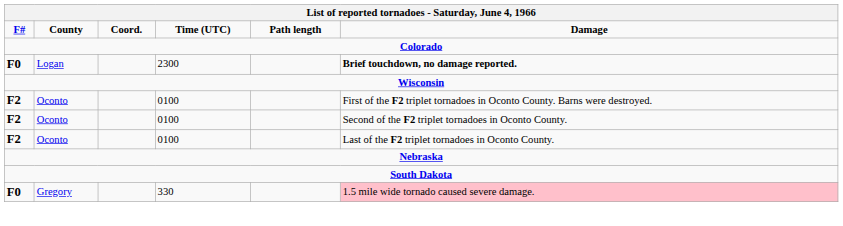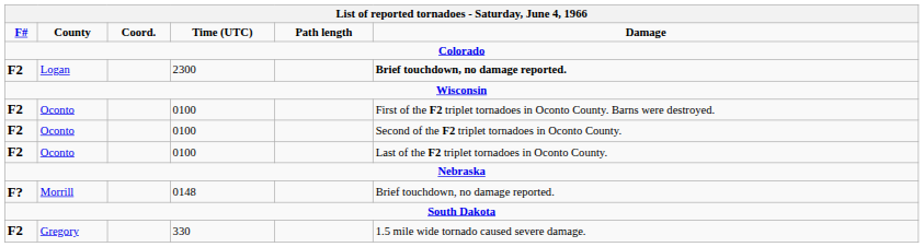 <table class="wikitable collapsible" style="width:100%;">
 <tr>
 <th colspan="6">List of reported tornadoes - Saturday, June 4, 1966</th>
 </tr>
 <tr style="text-align:center;">
 <td><strong><a href='#'>F#</a></strong></td>
 <td><strong>County</strong></td>
 <td><strong>Coord.</strong></td>
 <td><strong>Time (UTC)</strong></td>
 <td><strong>Path length</strong></td>
 <td><strong>Damage</strong></td>
 </tr>
 <tr>
 <td colspan="6" style="text-align:center;"><strong><a href='#'>Colorado</a></strong></td>
 </tr>
 <tr>
-<td><big><strong>F0</strong></big></td>
+<td><big><strong>F2</strong></big></td>
 <td><a href='#'>Logan</a></td>
 <td></td>
 <td>2300</td>
 <td></td>
 <td><strong>Brief touchdown, no damage reported.</strong></td>
 </tr>
 <tr>
 <td colspan="6" style="text-align:center;"><strong><a href='#'>Wisconsin</a></strong></td>
 </tr>
 <tr>
 <td><big><strong>F2</strong></big></td>
 <td><a href='#'>Oconto</a></td>
 <td></td>
 <td>0100</td>
 <td></td>
 <td>First of the <strong>F2</strong> triplet tornadoes in Oconto County. Barns were destroyed.</td>
 </tr>
 <tr>
 <td><big><strong>F2</strong></big></td>
 <td><a href='#'>Oconto</a></td>
 <td></td>
 <td>0100</td>
 <td></td>
 <td>Second of the <strong>F2</strong> triplet tornadoes in Oconto County.</td>
 </tr>
 <tr>
 <td><big><strong>F2</strong></big></td>
 <td><a href='#'>Oconto</a></td>
 <td></td>
 <td>0100</td>
 <td></td>
 <td>Last of the <strong>F2</strong> triplet tornadoes in Oconto County.</td>
 </tr>
 <tr>
 <td colspan="6" style="text-align:center;"><strong><a href='#'>Nebraska</a></strong></td>
 </tr>
 <tr>
+<td><big><strong>F?</strong></big></td>
+<td><a href='#'>Morrill</a></td>
+<td></td>
+<td>0148</td>
+<td></td>
+<td>Brief touchdown, no damage reported.</td>
+</tr>
+<tr>
 <td colspan="6" style="text-align:center;"><strong><a href='#'>South Dakota</a></strong></td>
 </tr>
 <tr>
-<td><big><strong>F0</strong></big></td>
+<td><big><strong>F2</strong></big></td>
 <td><a href='#'>Gregory</a></td>
 <td></td>
 <td>330</td>
 <td></td>
-<td style="background: pink;">1.5 mile wide tornado caused severe damage.</td>
+<td>1.5 mile wide tornado caused severe damage.</td>
 </tr>
 </table>
